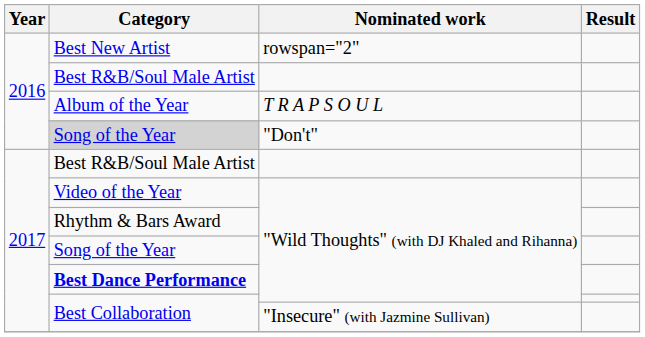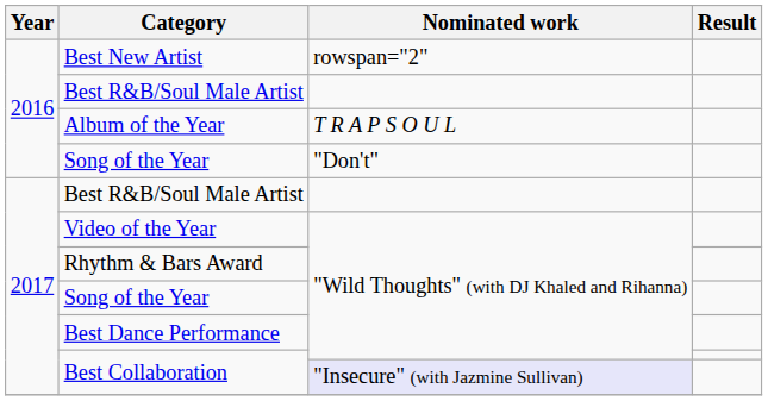 <table class="wikitable">
 <tr>
 <th>Year</th>
 <th>Category</th>
 <th>Nominated work</th>
 <th>Result</th>
 </tr>
 <tr>
 <td rowspan="4"><a href='#'>2016</a></td>
 <td><a href='#'>Best New Artist</a></td>
 <td>rowspan="2" </td>
 <td></td>
 </tr>
 <tr>
 <td><a href='#'>Best R&B/Soul Male Artist</a></td>
 <td></td>
 </tr>
 <tr>
 <td><a href='#'>Album of the Year</a></td>
 <td><em>T R A P S O U L</em></td>
 <td></td>
 </tr>
 <tr>
-<td style="background: lightgrey;"><a href='#'>Song of the Year</a></td>
+<td><a href='#'>Song of the Year</a></td>
 <td>"Don't"</td>
 <td></td>
 </tr>
 <tr>
 <td rowspan="7"><a href='#'>2017</a></td>
 <td>Best R&B/Soul Male Artist</td>
 <td></td>
 <td></td>
 </tr>
 <tr>
 <td><a href='#'>Video of the Year</a></td>
 <td rowspan="5">"Wild Thoughts" <small>(with DJ Khaled and Rihanna)</small></td>
 <td></td>
 </tr>
 <tr>
 <td>Rhythm & Bars Award</td>
 <td></td>
 </tr>
 <tr>
 <td><a href='#'>Song of the Year</a></td>
 <td></td>
 </tr>
 <tr>
-<td><strong><a href='#'>Best Dance Performance</a></strong></td>
+<td><a href='#'>Best Dance Performance</a></td>
 <td></td>
 </tr>
 <tr>
 <td rowspan="2"><a href='#'>Best Collaboration</a></td>
 <td></td>
 </tr>
 <tr>
-<td>"Insecure" <small>(with Jazmine Sullivan)</small></td>
+<td style="background: lavender;">"Insecure" <small>(with Jazmine Sullivan)</small></td>
 <td></td>
 </tr>
 <tr>
 </tr>
 </table>
